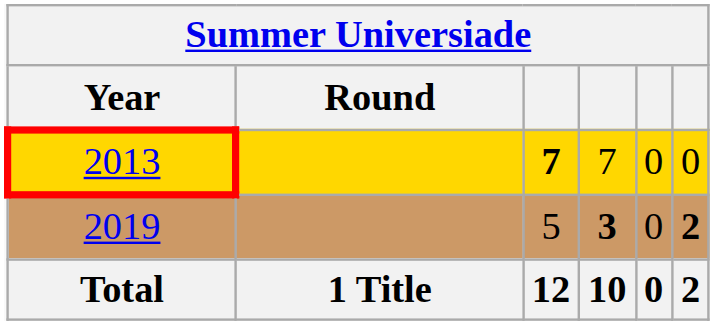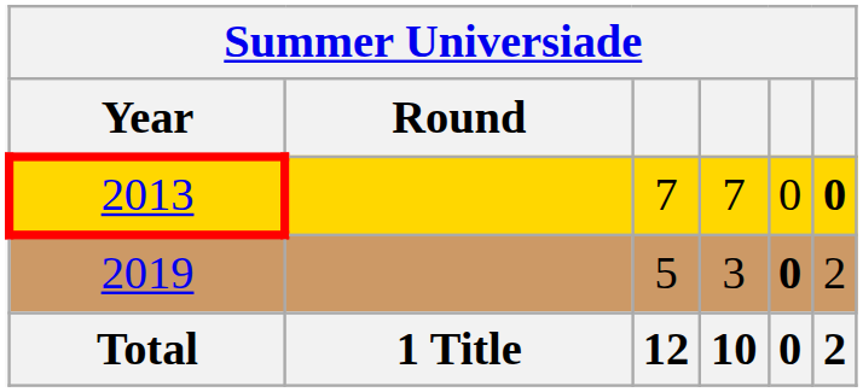 <table class="wikitable" style="text-align: center;">
 <tr>
 <th colspan=10><a href='#'>Summer Universiade</a></th>
 </tr>
 <tr>
 <th style="width:5.5em;">Year</th>
 <th style="width:7em;">Round</th>
 <th></th>
 <th></th>
 <th></th>
 <th></th>
 </tr>
 <tr bgcolor=gold>
 <td style="border: 3px solid red"> <a href='#'>2013</a></td>
 <td></td>
-<td><strong>7</strong></td>
+<td>7</td>
 <td>7</td>
 <td>0</td>
-<td>0</td>
+<td><strong>0</strong></td>
 </tr>
 <tr bgcolor=#cc9966>
 <td> <a href='#'>2019</a></td>
 <td></td>
 <td>5</td>
-<td><strong>3</strong></td>
-<td>0</td>
-<td><strong>2</strong></td>
+<td>3</td>
+<td><strong>0</strong></td>
+<td>2</td>
 </tr>
 <tr>
 <th>Total</th>
 <th>1 Title</th>
 <th>12</th>
 <th>10</th>
 <th>0</th>
 <th>2</th>
 </tr>
 </table>
